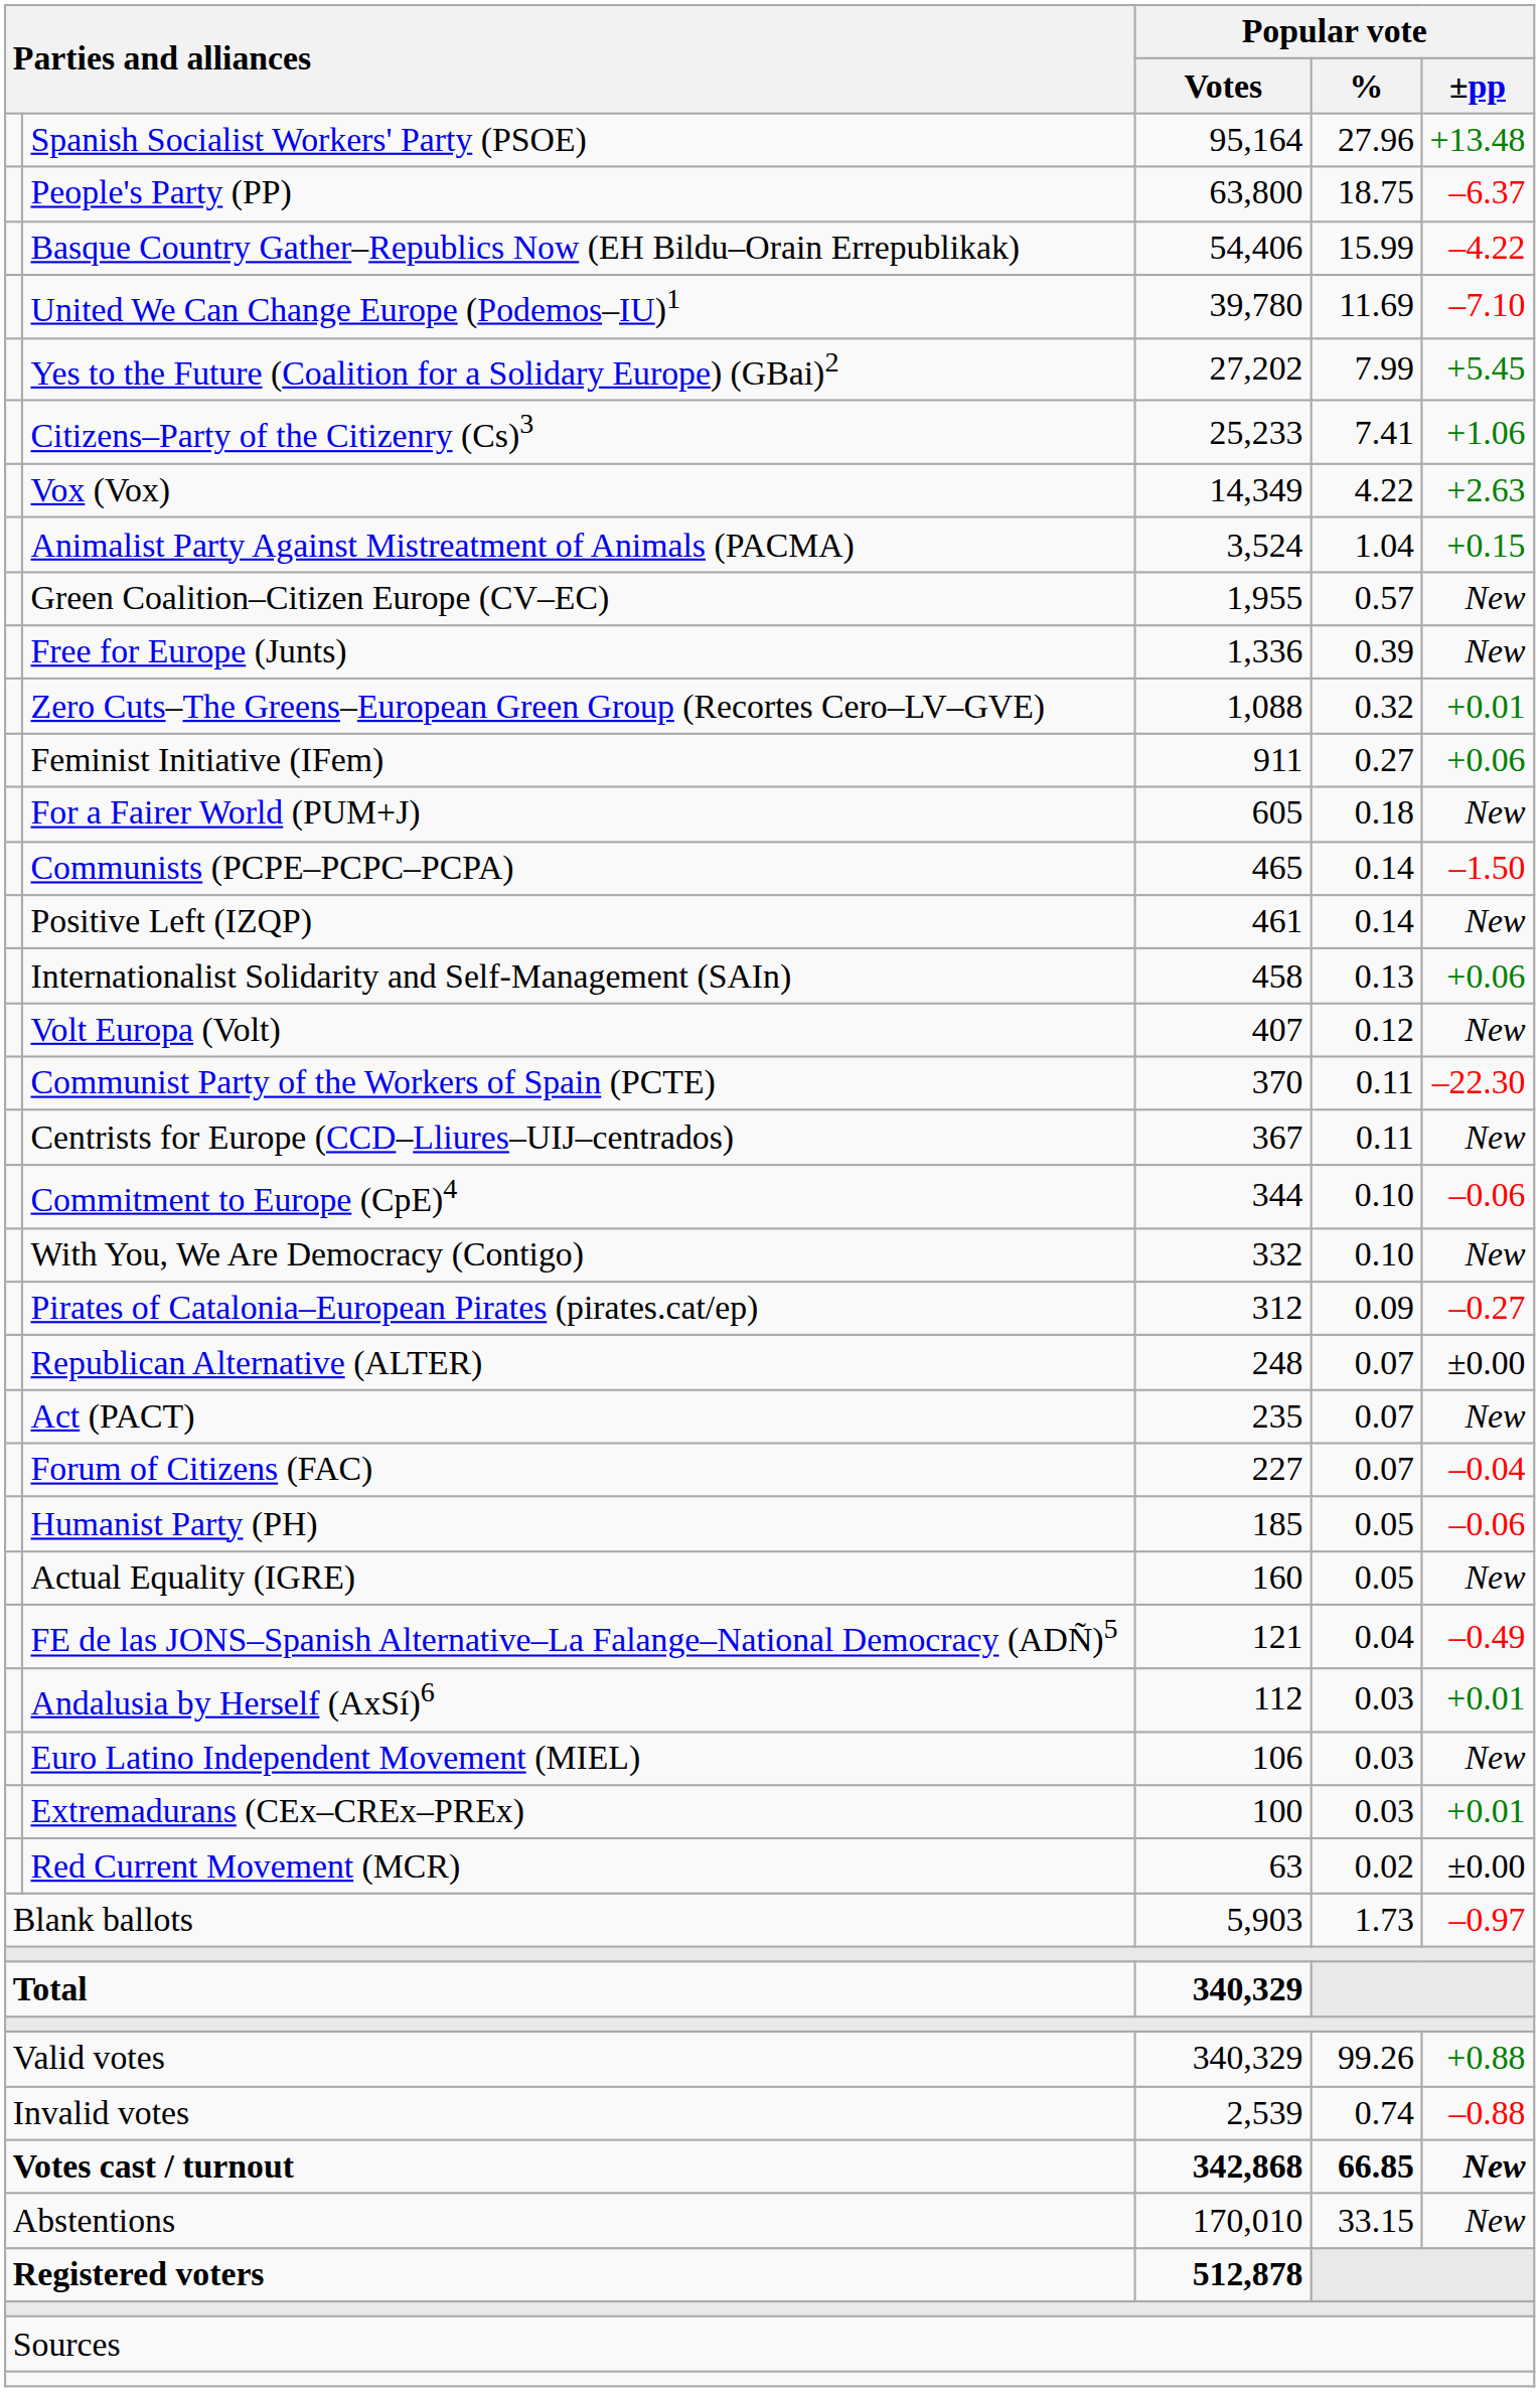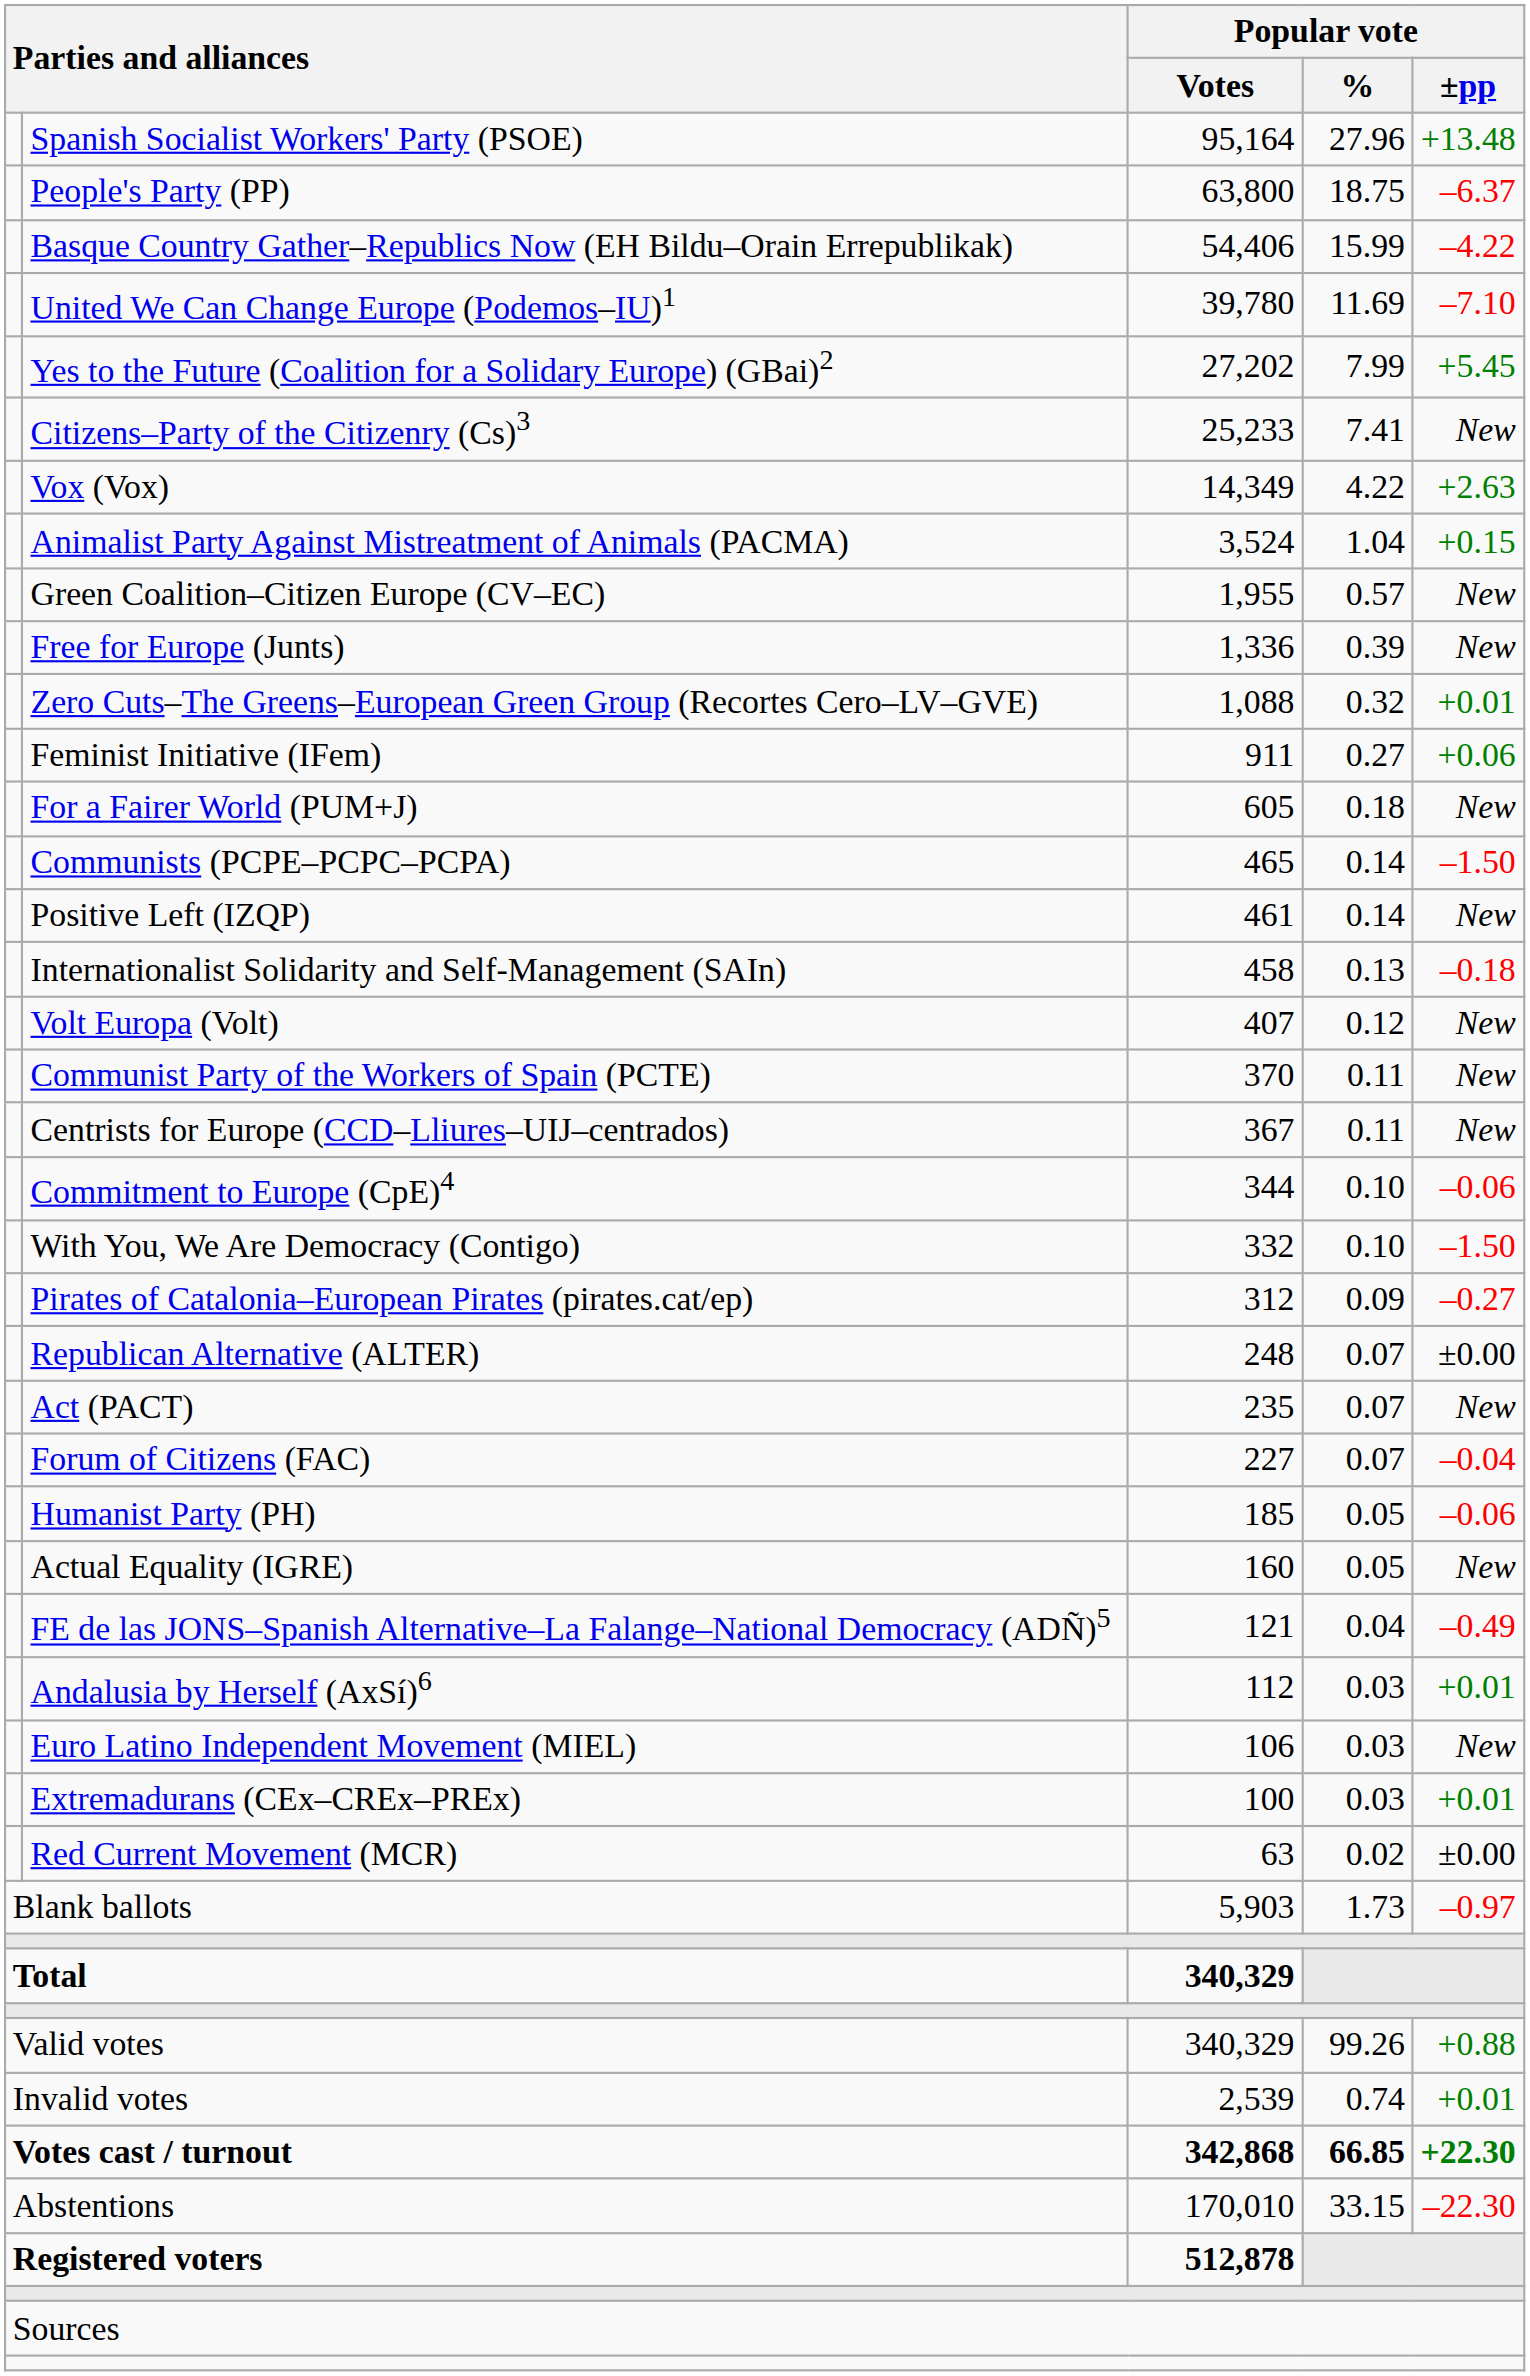 <table class="wikitable" style="text-align:right;">
 <tr>
 <th style="text-align:left;" rowspan="2" colspan="2" width="525">Parties and alliances</th>
 <th colspan="3">Popular vote</th>
 </tr>
 <tr>
 <th width="75">Votes</th>
 <th width="45">%</th>
 <th width="45">±<a href='#'>pp</a></th>
 </tr>
 <tr>
 <td width="1" style="color:inherit;background:"></td>
 <td align="left"><a href='#'>Spanish Socialist Workers' Party</a> (PSOE)</td>
 <td>95,164</td>
 <td>27.96</td>
 <td style="color:green;">+13.48</td>
 </tr>
 <tr>
 <td style="color:inherit;background:"></td>
 <td align="left"><a href='#'>People's Party</a> (PP)</td>
 <td>63,800</td>
 <td>18.75</td>
 <td style="color:red;">–6.37</td>
 </tr>
 <tr>
 <td style="color:inherit;background:"></td>
 <td align="left"><a href='#'>Basque Country Gather</a>–<a href='#'>Republics Now</a> (EH Bildu–Orain Errepublikak)</td>
 <td>54,406</td>
 <td>15.99</td>
 <td style="color:red;">–4.22</td>
 </tr>
 <tr>
 <td style="color:inherit;background:"></td>
 <td align="left"><a href='#'>United We Can Change Europe</a> (<a href='#'>Podemos</a>–<a href='#'>IU</a>)<sup>1</sup></td>
 <td>39,780</td>
 <td>11.69</td>
 <td style="color:red;">–7.10</td>
 </tr>
 <tr>
 <td style="color:inherit;background:"></td>
 <td align="left"><a href='#'>Yes to the Future</a> (<a href='#'>Coalition for a Solidary Europe</a>) (GBai)<sup>2</sup></td>
 <td>27,202</td>
 <td>7.99</td>
 <td style="color:green;">+5.45</td>
 </tr>
 <tr>
 <td style="color:inherit;background:"></td>
 <td align="left"><a href='#'>Citizens–Party of the Citizenry</a> (Cs)<sup>3</sup></td>
 <td>25,233</td>
 <td>7.41</td>
-<td style="color:green;">+1.06</td>
+<td><em>New</em></td>
 </tr>
 <tr>
 <td style="color:inherit;background:"></td>
 <td align="left"><a href='#'>Vox</a> (Vox)</td>
 <td>14,349</td>
 <td>4.22</td>
 <td style="color:green;">+2.63</td>
 </tr>
 <tr>
 <td style="color:inherit;background:"></td>
 <td align="left"><a href='#'>Animalist Party Against Mistreatment of Animals</a> (PACMA)</td>
 <td>3,524</td>
 <td>1.04</td>
 <td style="color:green;">+0.15</td>
 </tr>
 <tr>
 <td style="color:inherit;background:"></td>
 <td align="left">Green Coalition–Citizen Europe (CV–EC)</td>
 <td>1,955</td>
 <td>0.57</td>
 <td><em>New</em></td>
 </tr>
 <tr>
 <td style="color:inherit;background:"></td>
 <td align="left"><a href='#'>Free for Europe</a> (Junts)</td>
 <td>1,336</td>
 <td>0.39</td>
 <td><em>New</em></td>
 </tr>
 <tr>
 <td style="color:inherit;background:"></td>
 <td align="left"><a href='#'>Zero Cuts</a>–<a href='#'>The Greens</a>–<a href='#'>European Green Group</a> (Recortes Cero–LV–GVE)</td>
 <td>1,088</td>
 <td>0.32</td>
 <td style="color:green;">+0.01</td>
 </tr>
 <tr>
 <td style="color:inherit;background:"></td>
 <td align="left">Feminist Initiative (IFem)</td>
 <td>911</td>
 <td>0.27</td>
 <td style="color:green;">+0.06</td>
 </tr>
 <tr>
 <td style="color:inherit;background:"></td>
 <td align="left"><a href='#'>For a Fairer World</a> (PUM+J)</td>
 <td>605</td>
 <td>0.18</td>
 <td><em>New</em></td>
 </tr>
 <tr>
 <td style="color:inherit;background:"></td>
 <td align="left"><a href='#'>Communists</a> (PCPE–PCPC–PCPA)</td>
 <td>465</td>
 <td>0.14</td>
 <td style="color:red;">–1.50</td>
 </tr>
 <tr>
 <td style="color:inherit;background:"></td>
 <td align="left">Positive Left (IZQP)</td>
 <td>461</td>
 <td>0.14</td>
 <td><em>New</em></td>
 </tr>
 <tr>
 <td style="color:inherit;background:"></td>
 <td align="left">Internationalist Solidarity and Self-Management (SAIn)</td>
 <td>458</td>
 <td>0.13</td>
-<td style="color:green;">+0.06</td>
+<td style="color:red;">–0.18</td>
 </tr>
 <tr>
 <td style="color:inherit;background:"></td>
 <td align="left"><a href='#'>Volt Europa</a> (Volt)</td>
 <td>407</td>
 <td>0.12</td>
 <td><em>New</em></td>
 </tr>
 <tr>
 <td style="color:inherit;background:"></td>
 <td align="left"><a href='#'>Communist Party of the Workers of Spain</a> (PCTE)</td>
 <td>370</td>
 <td>0.11</td>
-<td style="color:red;">–22.30</td>
+<td><em>New</em></td>
 </tr>
 <tr>
 <td style="color:inherit;background:"></td>
 <td align="left">Centrists for Europe (<a href='#'>CCD</a>–<a href='#'>Lliures</a>–UIJ–centrados)</td>
 <td>367</td>
 <td>0.11</td>
 <td><em>New</em></td>
 </tr>
 <tr>
 <td style="color:inherit;background:"></td>
 <td align="left"><a href='#'>Commitment to Europe</a> (CpE)<sup>4</sup></td>
 <td>344</td>
 <td>0.10</td>
 <td style="color:red;">–0.06</td>
 </tr>
 <tr>
 <td style="color:inherit;background:"></td>
 <td align="left">With You, We Are Democracy (Contigo)</td>
 <td>332</td>
 <td>0.10</td>
-<td><em>New</em></td>
+<td style="color:red;">–1.50</td>
 </tr>
 <tr>
 <td style="color:inherit;background:"></td>
 <td align="left"><a href='#'>Pirates of Catalonia–European Pirates</a> (pirates.cat/ep)</td>
 <td>312</td>
 <td>0.09</td>
 <td style="color:red;">–0.27</td>
 </tr>
 <tr>
 <td style="color:inherit;background:"></td>
 <td align="left"><a href='#'>Republican Alternative</a> (ALTER)</td>
 <td>248</td>
 <td>0.07</td>
 <td>±0.00</td>
 </tr>
 <tr>
 <td style="color:inherit;background:"></td>
 <td align="left"><a href='#'>Act</a> (PACT)</td>
 <td>235</td>
 <td>0.07</td>
 <td><em>New</em></td>
 </tr>
 <tr>
 <td style="color:inherit;background:"></td>
 <td align="left"><a href='#'>Forum of Citizens</a> (FAC)</td>
 <td>227</td>
 <td>0.07</td>
 <td style="color:red;">–0.04</td>
 </tr>
 <tr>
 <td style="color:inherit;background:"></td>
 <td align="left"><a href='#'>Humanist Party</a> (PH)</td>
 <td>185</td>
 <td>0.05</td>
 <td style="color:red;">–0.06</td>
 </tr>
 <tr>
 <td style="color:inherit;background:"></td>
 <td align="left">Actual Equality (IGRE)</td>
 <td>160</td>
 <td>0.05</td>
 <td><em>New</em></td>
 </tr>
 <tr>
 <td style="color:inherit;background:"></td>
 <td align="left"><a href='#'>FE de las JONS–Spanish Alternative–La Falange–National Democracy</a> (ADÑ)<sup>5</sup></td>
 <td>121</td>
 <td>0.04</td>
 <td style="color:red;">–0.49</td>
 </tr>
 <tr>
 <td style="color:inherit;background:"></td>
 <td align="left"><a href='#'>Andalusia by Herself</a> (AxSí)<sup>6</sup></td>
 <td>112</td>
 <td>0.03</td>
 <td style="color:green;">+0.01</td>
 </tr>
 <tr>
 <td style="color:inherit;background:"></td>
 <td align="left"><a href='#'>Euro Latino Independent Movement</a> (MIEL)</td>
 <td>106</td>
 <td>0.03</td>
 <td><em>New</em></td>
 </tr>
 <tr>
 <td style="color:inherit;background:"></td>
 <td align="left"><a href='#'>Extremadurans</a> (CEx–CREx–PREx)</td>
 <td>100</td>
 <td>0.03</td>
 <td style="color:green;">+0.01</td>
 </tr>
 <tr>
 <td style="color:inherit;background:"></td>
 <td align="left"><a href='#'>Red Current Movement</a> (MCR)</td>
 <td>63</td>
 <td>0.02</td>
 <td>±0.00</td>
 </tr>
 <tr>
 <td align="left" colspan="2">Blank ballots</td>
 <td>5,903</td>
 <td>1.73</td>
 <td style="color:red;">–0.97</td>
 </tr>
 <tr>
 <td colspan="5" bgcolor="#E9E9E9"></td>
 </tr>
 <tr style="font-weight:bold;">
 <td align="left" colspan="2">Total</td>
 <td>340,329</td>
 <td bgcolor="#E9E9E9" colspan="2"></td>
 </tr>
 <tr>
 <td colspan="5" bgcolor="#E9E9E9"></td>
 </tr>
 <tr>
 <td align="left" colspan="2">Valid votes</td>
 <td>340,329</td>
 <td>99.26</td>
 <td style="color:green;">+0.88</td>
 </tr>
 <tr>
 <td align="left" colspan="2">Invalid votes</td>
 <td>2,539</td>
 <td>0.74</td>
-<td style="color:red;">–0.88</td>
+<td style="color:green;">+0.01</td>
 </tr>
 <tr style="font-weight:bold;">
 <td align="left" colspan="2">Votes cast / turnout</td>
 <td>342,868</td>
 <td>66.85</td>
-<td><em>New</em></td>
+<td style="color:green;">+22.30</td>
 </tr>
 <tr>
 <td align="left" colspan="2">Abstentions</td>
 <td>170,010</td>
 <td>33.15</td>
-<td><em>New</em></td>
+<td style="color:red;">–22.30</td>
 </tr>
 <tr style="font-weight:bold;">
 <td align="left" colspan="2">Registered voters</td>
 <td>512,878</td>
 <td bgcolor="#E9E9E9" colspan="2"></td>
 </tr>
 <tr>
 <td colspan="5" bgcolor="#E9E9E9"></td>
 </tr>
 <tr>
 <td align="left" colspan="5">Sources</td>
 </tr>
 <tr>
 <td colspan="5" style="text-align:left; max-width:680px;"></td>
 </tr>
 </table>
